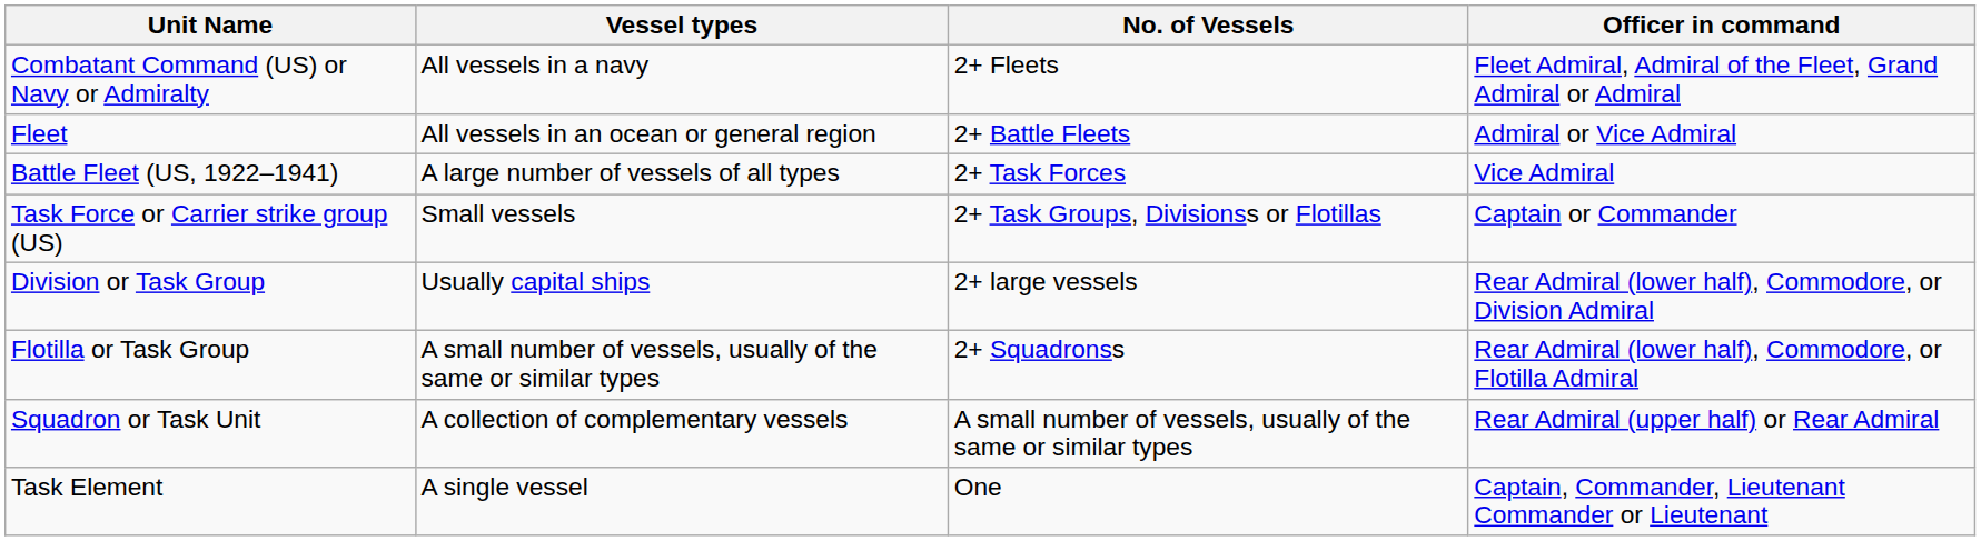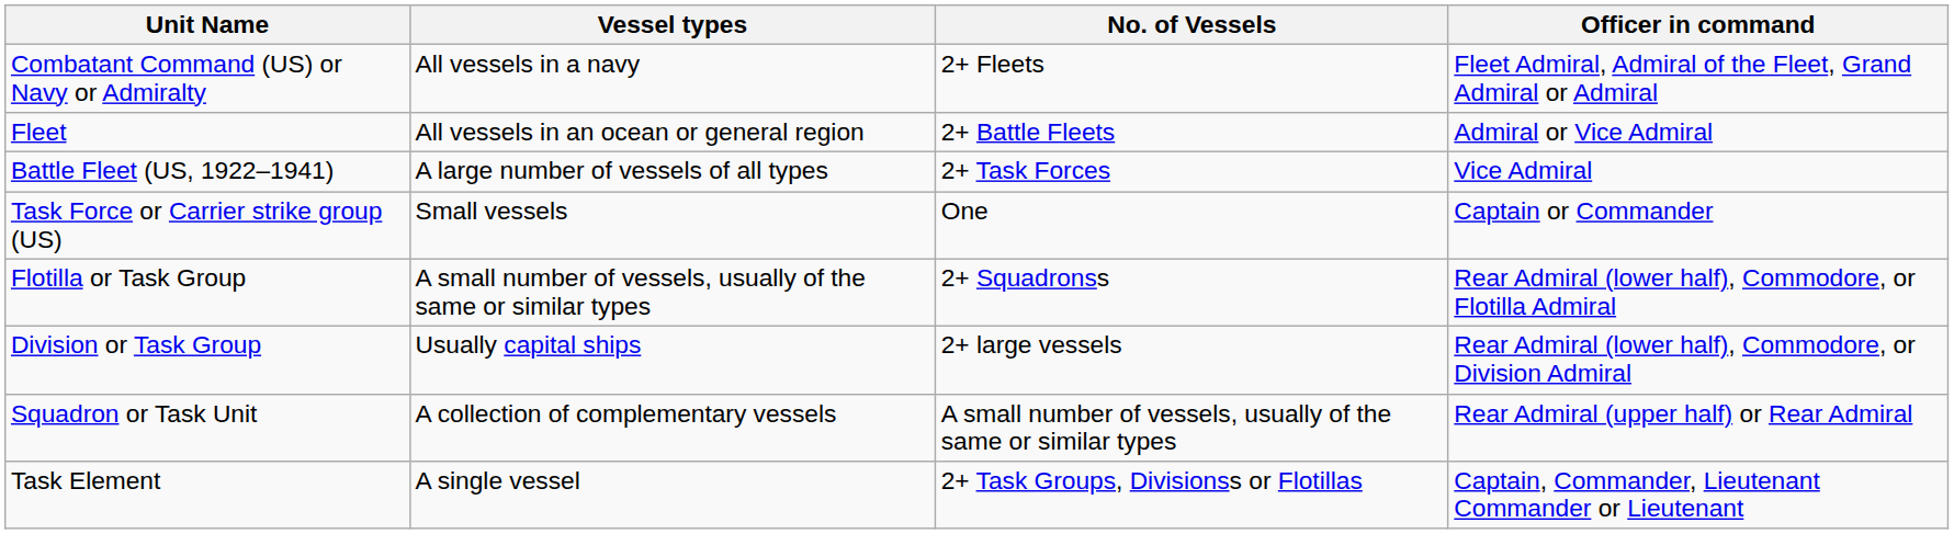 <table class="wikitable">
 <tr>
 <th align=left>Unit Name</th>
 <th align=left>Vessel types</th>
 <th align=left>No. of Vessels</th>
 <th align=left>Officer in command</th>
 </tr>
 <tr style="vertical-align:top; ">
 <td><a href='#'>Combatant Command</a> (US) or <a href='#'>Navy</a> or <a href='#'>Admiralty</a></td>
 <td>All vessels in a navy</td>
 <td>2+ Fleets</td>
 <td><a href='#'>Fleet Admiral</a>, <a href='#'>Admiral of the Fleet</a>, <a href='#'>Grand Admiral</a> or <a href='#'>Admiral</a></td>
 </tr>
 <tr style="vertical-align:top; ">
 <td><a href='#'>Fleet</a></td>
 <td>All vessels in an ocean or general region</td>
 <td>2+ <a href='#'>Battle Fleets</a></td>
 <td><a href='#'>Admiral</a> or <a href='#'>Vice Admiral</a></td>
 </tr>
 <tr style="vertical-align:top; ">
 <td><a href='#'>Battle Fleet</a> (US, 1922–1941)</td>
 <td>A large number of vessels of all types</td>
 <td>2+ <a href='#'>Task Forces</a></td>
 <td><a href='#'>Vice Admiral</a></td>
 </tr>
 <tr style="vertical-align:top; ">
 <td><a href='#'>Task Force</a> or <a href='#'>Carrier strike group</a> (US)</td>
 <td>Small vessels</td>
-<td>2+ <a href='#'>Task Groups</a>, <a href='#'>Divisions</a>s or <a href='#'>Flotillas</a></td>
+<td>One</td>
 <td><a href='#'>Captain</a> or <a href='#'>Commander</a></td>
+</tr>
+<tr style="vertical-align:top; ">
+<td><a href='#'>Flotilla</a> or Task Group</td>
+<td>A small number of vessels, usually of the same or similar types</td>
+<td>2+ <a href='#'>Squadrons</a>s</td>
+<td><a href='#'>Rear Admiral (lower half)</a>, <a href='#'>Commodore</a>, or <a href='#'>Flotilla Admiral</a></td>
 </tr>
 <tr style="vertical-align:top; ">
 <td><a href='#'>Division</a> or <a href='#'>Task Group</a></td>
 <td>Usually <a href='#'>capital ships</a></td>
 <td>2+ large vessels</td>
 <td><a href='#'>Rear Admiral (lower half)</a>, <a href='#'>Commodore</a>, or <a href='#'>Division Admiral</a></td>
-</tr>
-<tr style="vertical-align:top; ">
-<td><a href='#'>Flotilla</a> or Task Group</td>
-<td>A small number of vessels, usually of the same or similar types</td>
-<td>2+ <a href='#'>Squadrons</a>s</td>
-<td><a href='#'>Rear Admiral (lower half)</a>, <a href='#'>Commodore</a>, or <a href='#'>Flotilla Admiral</a></td>
 </tr>
 <tr style="vertical-align:top; dorder-bottom:1px solid #999;">
 <td><a href='#'>Squadron</a> or Task Unit</td>
 <td>A collection of complementary vessels</td>
 <td>A small number of vessels, usually of the same or similar types</td>
 <td><a href='#'>Rear Admiral (upper half)</a> or <a href='#'>Rear Admiral</a></td>
 </tr>
 <tr style="vertical-align:top; ">
 <td>Task Element</td>
 <td>A single vessel</td>
-<td>One</td>
+<td>2+ <a href='#'>Task Groups</a>, <a href='#'>Divisions</a>s or <a href='#'>Flotillas</a></td>
 <td><a href='#'>Captain</a>, <a href='#'>Commander</a>, <a href='#'>Lieutenant Commander</a> or <a href='#'>Lieutenant</a></td>
 </tr>
 </table>
